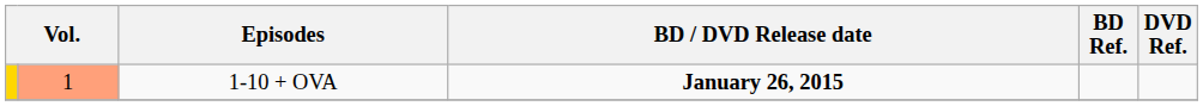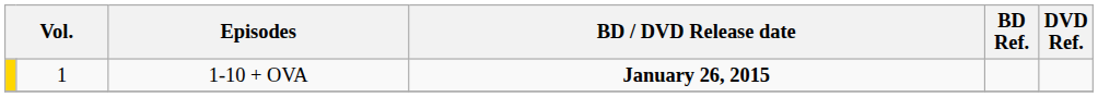 <table class="wikitable" style="text-align: center; width: 98%;">
 <tr>
 <th colspan="2">Vol.</th>
 <th>Episodes</th>
 <th>BD / DVD Release date</th>
 <th width="5%">BD Ref.</th>
 <th width="5%">DVD Ref.</th>
 </tr>
 <tr>
 <td width="1%" style="background: Gold;"></td>
-<td style="background: lightsalmon;">1</td>
+<td>1</td>
 <td>1-10 + OVA</td>
 <td><strong>January 26, 2015</strong></td>
 <td></td>
 <td></td>
 </tr>
 <tr>
 </tr>
 </table>
